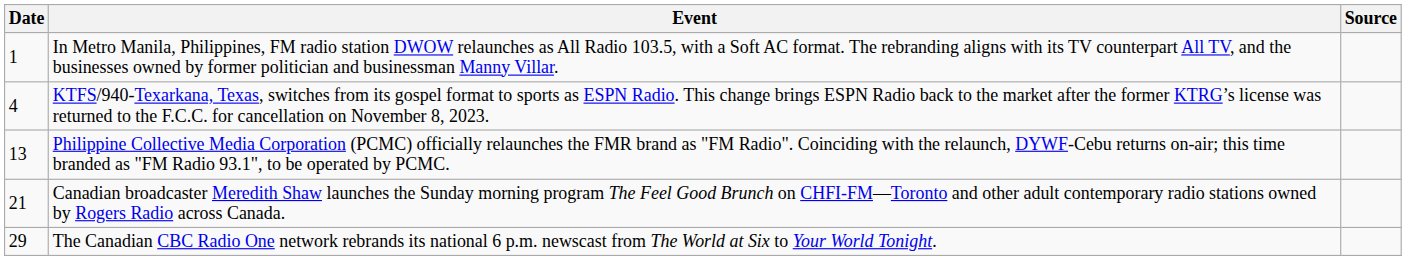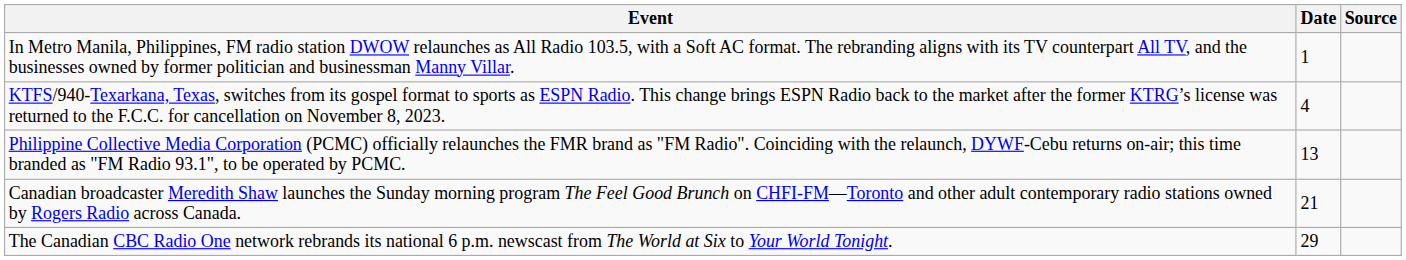 <table class=wikitable>
 <tr>
+<th>Event</th>
 <th>Date</th>
-<th>Event</th>
 <th>Source</th>
 </tr>
 <tr>
+<td>In Metro Manila, Philippines, FM radio station <a href='#'>DWOW</a> relaunches as All Radio 103.5, with a Soft AC format. The rebranding aligns with its TV counterpart <a href='#'>All TV</a>, and the businesses owned by former politician and businessman <a href='#'>Manny Villar</a>.</td>
 <td>1</td>
-<td>In Metro Manila, Philippines, FM radio station <a href='#'>DWOW</a> relaunches as All Radio 103.5, with a Soft AC format. The rebranding aligns with its TV counterpart <a href='#'>All TV</a>, and the businesses owned by former politician and businessman <a href='#'>Manny Villar</a>.</td>
 <td></td>
 </tr>
 <tr>
+<td><a href='#'>KTFS</a>/940-<a href='#'>Texarkana, Texas</a>, switches from its gospel format to sports as <a href='#'>ESPN Radio</a>. This change brings ESPN Radio back to the market after the former <a href='#'>KTRG</a>’s license was returned to the F.C.C. for cancellation on November 8, 2023.</td>
 <td>4</td>
-<td><a href='#'>KTFS</a>/940-<a href='#'>Texarkana, Texas</a>, switches from its gospel format to sports as <a href='#'>ESPN Radio</a>. This change brings ESPN Radio back to the market after the former <a href='#'>KTRG</a>’s license was returned to the F.C.C. for cancellation on November 8, 2023.</td>
 <td></td>
 </tr>
 <tr>
+<td><a href='#'>Philippine Collective Media Corporation</a> (PCMC) officially relaunches the FMR brand as "FM Radio". Coinciding with the relaunch, <a href='#'>DYWF</a>-Cebu returns on-air; this time branded as "FM Radio 93.1", to be operated by PCMC.</td>
 <td>13</td>
-<td><a href='#'>Philippine Collective Media Corporation</a> (PCMC) officially relaunches the FMR brand as "FM Radio". Coinciding with the relaunch, <a href='#'>DYWF</a>-Cebu returns on-air; this time branded as "FM Radio 93.1", to be operated by PCMC.</td>
 <td></td>
 </tr>
 <tr>
+<td>Canadian broadcaster <a href='#'>Meredith Shaw</a> launches the Sunday morning program <em>The Feel Good Brunch</em> on <a href='#'>CHFI-FM</a>—<a href='#'>Toronto</a> and other adult contemporary radio stations owned by <a href='#'>Rogers Radio</a> across Canada.</td>
 <td>21</td>
-<td>Canadian broadcaster <a href='#'>Meredith Shaw</a> launches the Sunday morning program <em>The Feel Good Brunch</em> on <a href='#'>CHFI-FM</a>—<a href='#'>Toronto</a> and other adult contemporary radio stations owned by <a href='#'>Rogers Radio</a> across Canada.</td>
 <td></td>
 </tr>
 <tr>
+<td>The Canadian <a href='#'>CBC Radio One</a> network rebrands its national 6 p.m. newscast from <em>The World at Six</em> to <em><a href='#'>Your World Tonight</a></em>.</td>
 <td>29</td>
-<td>The Canadian <a href='#'>CBC Radio One</a> network rebrands its national 6 p.m. newscast from <em>The World at Six</em> to <em><a href='#'>Your World Tonight</a></em>.</td>
 <td></td>
 </tr>
 </table>
